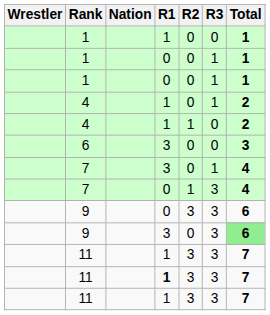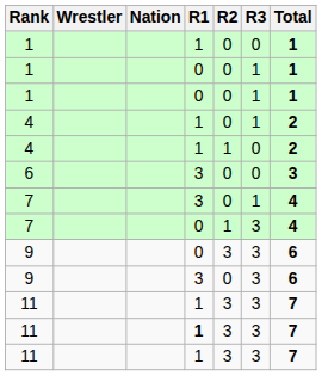 <table class="wikitable sortable" style="text-align:center;">
 <tr>
+<th>Rank</th>
 <th>Wrestler</th>
-<th>Rank</th>
 <th>Nation</th>
 <th>R1</th>
 <th>R2</th>
 <th>R3</th>
 <th>Total</th>
 </tr>
 <tr style="background:#cfc;">
+<td>1</td>
 <td align=left></td>
-<td>1</td>
 <td align=left></td>
 <td>1</td>
 <td>0</td>
 <td>0</td>
 <td><strong>1</strong></td>
 </tr>
 <tr style="background:#cfc;">
+<td>1</td>
 <td align=left></td>
-<td>1</td>
 <td align=left></td>
 <td>0</td>
 <td>0</td>
 <td>1</td>
 <td><strong>1</strong></td>
 </tr>
 <tr style="background:#cfc;">
+<td>1</td>
 <td align=left></td>
-<td>1</td>
 <td align=left></td>
 <td>0</td>
 <td>0</td>
 <td>1</td>
 <td><strong>1</strong></td>
 </tr>
 <tr style="background:#cfc;">
+<td>4</td>
 <td align=left></td>
-<td>4</td>
 <td align=left></td>
 <td>1</td>
 <td>0</td>
 <td>1</td>
 <td><strong>2</strong></td>
 </tr>
 <tr style="background:#cfc;">
+<td>4</td>
 <td align=left></td>
-<td>4</td>
 <td align=left></td>
 <td>1</td>
 <td>1</td>
 <td>0</td>
 <td><strong>2</strong></td>
 </tr>
 <tr style="background:#cfc;">
+<td>6</td>
 <td align=left></td>
-<td>6</td>
 <td align=left></td>
 <td>3</td>
 <td>0</td>
 <td>0</td>
 <td><strong>3</strong></td>
 </tr>
 <tr style="background:#cfc;">
+<td>7</td>
 <td align=left></td>
-<td>7</td>
 <td align=left></td>
 <td>3</td>
 <td>0</td>
 <td>1</td>
 <td><strong>4</strong></td>
 </tr>
 <tr style="background:#cfc;">
+<td>7</td>
 <td align=left></td>
-<td>7</td>
 <td align=left></td>
 <td>0</td>
 <td>1</td>
 <td>3</td>
 <td><strong>4</strong></td>
 </tr>
 <tr>
+<td>9</td>
 <td align=left></td>
-<td>9</td>
 <td align=left></td>
 <td>0</td>
 <td>3</td>
 <td>3</td>
 <td><strong>6</strong></td>
 </tr>
 <tr>
+<td>9</td>
 <td align=left></td>
-<td>9</td>
 <td align=left></td>
 <td>3</td>
 <td>0</td>
 <td>3</td>
-<td style="background: lightgreen;"><strong>6</strong></td>
+<td><strong>6</strong></td>
 </tr>
 <tr>
+<td>11</td>
 <td align=left></td>
-<td>11</td>
 <td align=left></td>
 <td>1</td>
 <td>3</td>
 <td>3</td>
 <td><strong>7</strong></td>
 </tr>
 <tr>
+<td>11</td>
 <td align=left></td>
-<td>11</td>
 <td align=left></td>
 <td><strong>1</strong></td>
 <td>3</td>
 <td>3</td>
 <td><strong>7</strong></td>
 </tr>
 <tr>
+<td>11</td>
 <td align=left></td>
-<td>11</td>
 <td align=left></td>
 <td>1</td>
 <td>3</td>
 <td>3</td>
 <td><strong>7</strong></td>
 </tr>
 </table>
